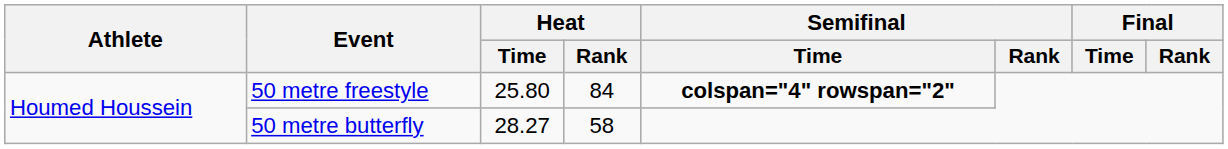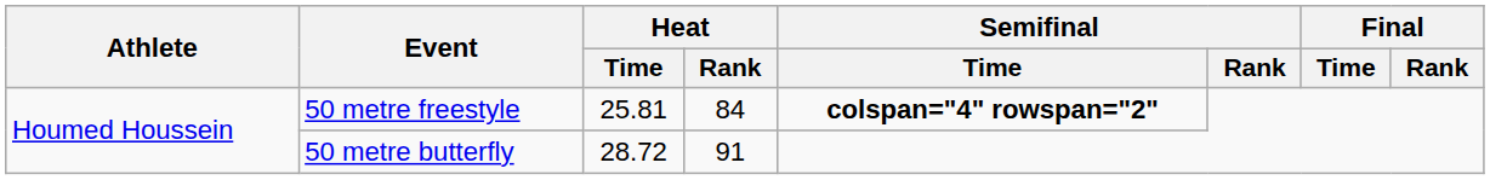 <table class="wikitable" style="text-align:center; font-size:90%; width:50%;">
 <tr>
 <th rowspan="2">Athlete</th>
 <th rowspan="2">Event</th>
 <th colspan="2">Heat</th>
 <th colspan="2">Semifinal</th>
 <th colspan="2">Final</th>
 </tr>
 <tr style="font-size:95%">
 <th>Time</th>
 <th>Rank</th>
 <th>Time</th>
 <th>Rank</th>
 <th>Time</th>
 <th>Rank</th>
 </tr>
 <tr align=center>
 <td align=left rowspan="2"><a href='#'>Houmed Houssein</a></td>
 <td align=left><a href='#'>50 metre freestyle</a></td>
-<td>25.80</td>
+<td>25.81</td>
 <td>84</td>
 <td><strong>colspan="4" rowspan="2" </strong></td>
 </tr>
 <tr align=center>
 <td align=left><a href='#'>50 metre butterfly</a></td>
-<td>28.27</td>
-<td>58</td>
+<td>28.72</td>
+<td>91</td>
 </tr>
 </table>
